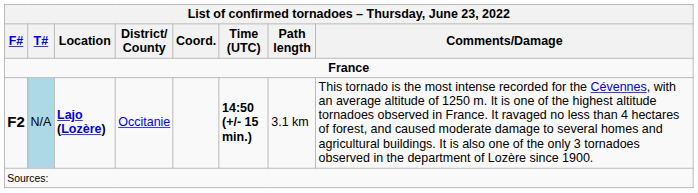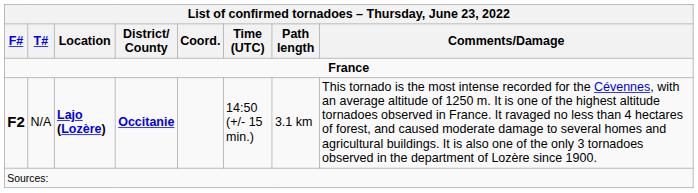 <table class="wikitable collapsible" width="100%">
 <tr>
 <th colspan="8">List of confirmed tornadoes – Thursday, June 23, 2022</th>
 </tr>
 <tr>
 <th><a href='#'>F#</a></th>
 <th><a href='#'>T#</a></th>
 <th>Location</th>
 <th>District/<br>County</th>
 <th>Coord.</th>
 <th>Time (UTC)</th>
 <th>Path length</th>
 <th>Comments/Damage</th>
 </tr>
 <tr>
 <td colspan="8" align=center><strong>France</strong></td>
 </tr>
 <tr>
 <td><big><strong>F2</strong></big></td>
-<td style="background: lightblue;">N/A</td>
+<td>N/A</td>
 <td><strong><a href='#'>Lajo</a> (<a href='#'>Lozère</a>)</strong></td>
-<td><a href='#'>Occitanie</a></td>
+<td><strong><a href='#'>Occitanie</a></strong></td>
 <td></td>
-<td><strong>14:50 (+/- 15 min.)</strong></td>
+<td>14:50 (+/- 15 min.)</td>
 <td>3.1 km</td>
 <td>This tornado is the most intense recorded for the <a href='#'>Cévennes</a>, with an average altitude of 1250 m. It is one of the highest altitude tornadoes observed in France. It ravaged no less than 4 hectares of forest, and caused moderate damage to several homes and agricultural buildings. It is also one of the only 3 tornadoes observed in the department of Lozère since 1900.</td>
 </tr>
 <tr>
 <td colspan="8"><small>Sources:  </small></td>
 </tr>
 </table>
